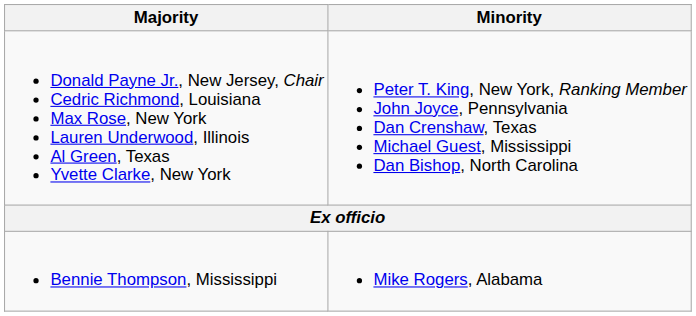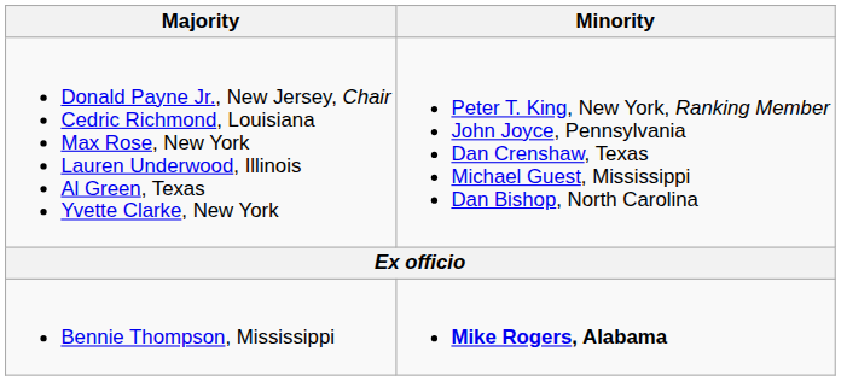 <table class=wikitable>
 <tr>
 <th>Majority</th>
 <th>Minority</th>
 </tr>
 <tr>
 <td><br><ul><li><a href='#'>Donald Payne Jr.</a>, New Jersey, <em>Chair</em></li><li><a href='#'>Cedric Richmond</a>, Louisiana</li><li><a href='#'>Max Rose</a>, New York</li><li><a href='#'>Lauren Underwood</a>, Illinois</li><li><a href='#'>Al Green</a>, Texas</li><li><a href='#'>Yvette Clarke</a>, New York</li></ul></td>
 <td><br><ul><li><a href='#'>Peter T. King</a>, New York, <em>Ranking Member</em></li><li><a href='#'>John Joyce</a>, Pennsylvania</li><li><a href='#'>Dan Crenshaw</a>, Texas</li><li><a href='#'>Michael Guest</a>, Mississippi</li><li><a href='#'>Dan Bishop</a>, North Carolina</li></ul></td>
 </tr>
 <tr>
 <th colspan=2><em>Ex officio</em></th>
 </tr>
 <tr>
 <td><br><ul><li><a href='#'>Bennie Thompson</a>, Mississippi</li></ul></td>
-<td><br><ul><li><a href='#'>Mike Rogers</a>, Alabama</li></ul></td>
+<td><strong><br><ul><li><a href='#'>Mike Rogers</a>, Alabama</li></ul></strong></td>
 </tr>
 </table>
